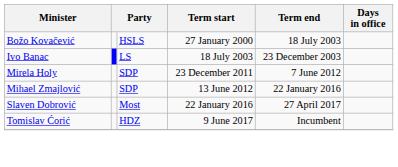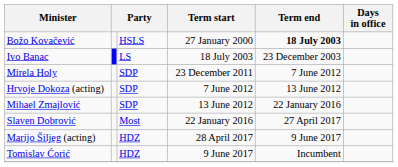 <table class="wikitable" style="text-align: left;">
 <tr>
 <th width="160">Minister</th>
 <th colspan=2 width="80">Party</th>
 <th width="130">Term start</th>
 <th width="130">Term end</th>
 <th width=70>Days<br> in office</th>
 </tr>
 <tr>
 <td><a href='#'>Božo Kovačević</a> </td>
 <td style="background-color: "></td>
 <td><a href='#'>HSLS</a></td>
 <td align=right>27 January 2000</td>
-<td align=right>18 July 2003</td>
+<td align=right><strong>18 July 2003</strong></td>
 <td align=right></td>
 </tr>
 <tr>
 <td><a href='#'>Ivo Banac</a> </td>
 <td style="background-color: blue" width="1px"></td>
 <td><a href='#'>LS</a></td>
 <td align=right>18 July 2003</td>
 <td align=right>23 December 2003</td>
 <td align=right></td>
 </tr>
 <tr>
 <td><a href='#'>Mirela Holy</a></td>
 <td style="background-color: "></td>
 <td><a href='#'>SDP</a></td>
 <td align=right>23 December 2011</td>
 <td align=right>7 June 2012</td>
 <td align=right></td>
 </tr>
 <tr>
+<td><a href='#'>Hrvoje Dokoza</a> (acting)</td>
+<td style="background-color: "></td>
+<td><a href='#'>SDP</a></td>
+<td align=right>7 June 2012</td>
+<td align=right>13 June 2012</td>
+<td align=right></td>
+</tr>
+<tr>
 <td><a href='#'>Mihael Zmajlović</a></td>
 <td style="background-color: "></td>
 <td><a href='#'>SDP</a></td>
 <td align=right>13 June 2012</td>
 <td align=right>22 January 2016</td>
 <td align=right></td>
 </tr>
 <tr>
 <td><a href='#'>Slaven Dobrović</a> </td>
 <td style="background-color: "></td>
 <td><a href='#'>Most</a></td>
 <td align=right>22 January 2016</td>
 <td align=right>27 April 2017</td>
 <td align=right></td>
 </tr>
 <tr>
+<td><a href='#'>Marijo Šiljeg</a> (acting)</td>
+<td style="background-color: "></td>
+<td><a href='#'>HDZ</a></td>
+<td align=right>28 April 2017</td>
+<td align=right>9 June 2017</td>
+<td align=right></td>
+</tr>
+<tr>
 <td><a href='#'>Tomislav Ćorić</a></td>
 <td style="background-color: "></td>
 <td><a href='#'>HDZ</a></td>
 <td align=right>9 June 2017</td>
 <td align=right>Incumbent</td>
 <td align=right></td>
 </tr>
 <tr>
 </tr>
 </table>
